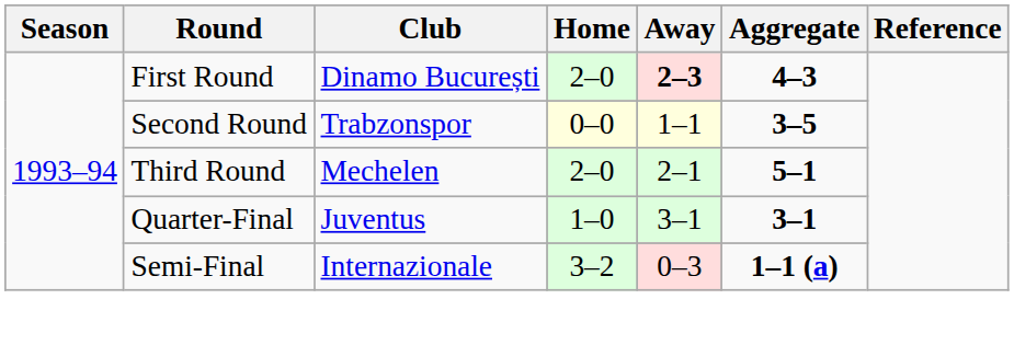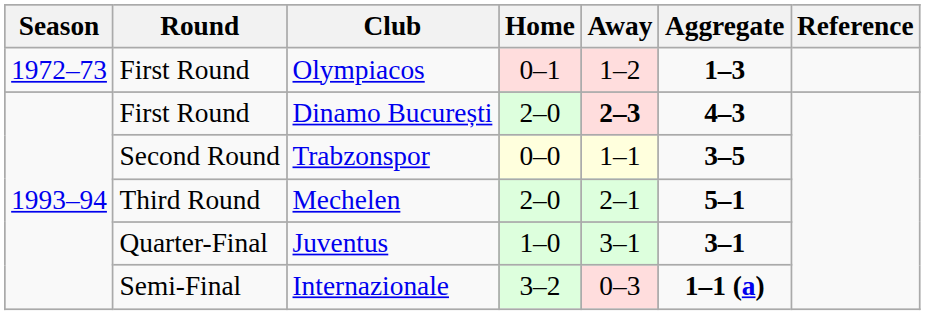 <table class="wikitable">
 <tr>
 <th>Season</th>
 <th>Round</th>
 <th>Club</th>
 <th>Home</th>
 <th>Away</th>
 <th>Aggregate</th>
 <th>Reference</th>
+</tr>
+<tr>
+<td><a href='#'>1972–73</a></td>
+<td>First Round</td>
+<td> <a href='#'>Olympiacos</a></td>
+<td style="text-align:center; background:#fdd;">0–1</td>
+<td style="text-align:center; background:#fdd;">1–2</td>
+<td style="text-align:center;"><strong>1–3</strong></td>
+<td style="text-align:center;"></td>
 </tr>
 <tr>
 <td rowspan=5><a href='#'>1993–94</a></td>
 <td>First Round</td>
 <td> <a href='#'>Dinamo București</a></td>
 <td style="text-align:center; background:#dfd;">2–0</td>
 <td style="text-align:center; background:#fdd;"><strong>2–3</strong></td>
 <td style="text-align:center;"><strong>4–3</strong></td>
 <td rowspan=5 style="text-align:center;"></td>
 </tr>
 <tr>
 <td>Second Round</td>
 <td> <a href='#'>Trabzonspor</a></td>
 <td style="text-align:center; background:#ffd;">0–0</td>
 <td style="text-align:center; background:#ffd;">1–1</td>
 <td style="text-align:center;"><strong>3–5</strong></td>
 </tr>
 <tr>
 <td>Third Round</td>
 <td> <a href='#'>Mechelen</a></td>
 <td style="text-align:center; background:#dfd;">2–0</td>
 <td style="text-align:center; background:#dfd;">2–1</td>
 <td style="text-align:center;"><strong>5–1</strong></td>
 </tr>
 <tr>
 <td>Quarter-Final</td>
 <td> <a href='#'>Juventus</a></td>
 <td style="text-align:center; background:#dfd;">1–0</td>
 <td style="text-align:center; background:#dfd;">3–1</td>
 <td style="text-align:center;"><strong>3–1</strong></td>
 </tr>
 <tr>
 <td>Semi-Final</td>
 <td> <a href='#'>Internazionale</a></td>
 <td style="text-align:center; background:#dfd;">3–2</td>
 <td style="text-align:center; background:#fdd;">0–3</td>
 <td style="text-align:center;"><strong>1–1 (<a href='#'>a</a>)</strong></td>
 </tr>
 </table>
